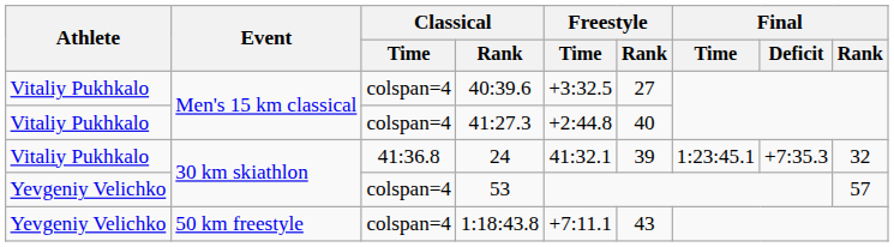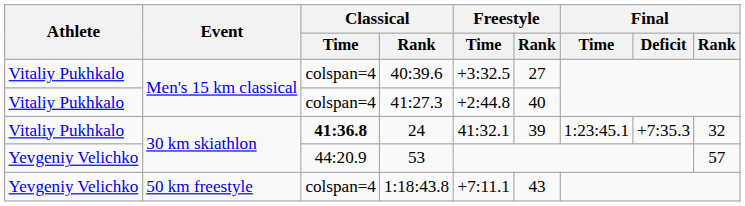 <table class=wikitable style=font-size:90%;text-align:center>
 <tr>
 <th rowspan=2>Athlete</th>
 <th rowspan=2>Event</th>
 <th colspan=2>Classical</th>
 <th colspan=2>Freestyle</th>
 <th colspan=3>Final</th>
 </tr>
 <tr style="font-size: 95%">
 <th>Time</th>
 <th>Rank</th>
 <th>Time</th>
 <th>Rank</th>
 <th>Time</th>
 <th>Deficit</th>
 <th>Rank</th>
 </tr>
 <tr align=center>
 <td align=left><a href='#'>Vitaliy Pukhkalo</a></td>
 <td align=left rowspan=2><a href='#'>Men's 15 km classical</a></td>
 <td>colspan=4 </td>
 <td>40:39.6</td>
 <td>+3:32.5</td>
 <td>27</td>
 </tr>
 <tr align=center>
 <td align=left><a href='#'>Vitaliy Pukhkalo</a></td>
 <td>colspan=4 </td>
 <td>41:27.3</td>
 <td>+2:44.8</td>
 <td>40</td>
 </tr>
 <tr align=center>
 <td align=left><a href='#'>Vitaliy Pukhkalo</a></td>
 <td align=left rowspan=2><a href='#'>30 km skiathlon</a></td>
-<td>41:36.8</td>
+<td><strong>41:36.8</strong></td>
 <td>24</td>
 <td>41:32.1</td>
 <td>39</td>
 <td>1:23:45.1</td>
 <td>+7:35.3</td>
 <td>32</td>
 </tr>
 <tr align=center>
 <td align=left><a href='#'>Yevgeniy Velichko</a></td>
-<td>colspan=4 </td>
+<td>44:20.9</td>
 <td>53</td>
 <td colspan=4></td>
 <td>57</td>
 </tr>
 <tr>
 <td align=left><a href='#'>Yevgeniy Velichko</a></td>
 <td align=left><a href='#'>50 km freestyle</a></td>
 <td>colspan=4 </td>
 <td>1:18:43.8</td>
 <td>+7:11.1</td>
 <td>43</td>
 </tr>
 </table>
